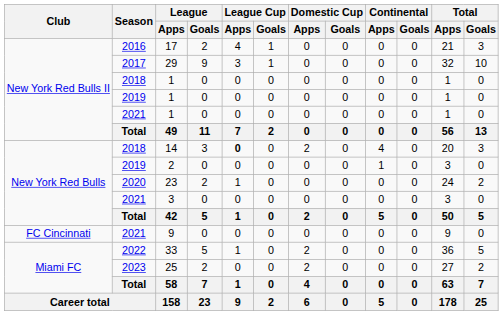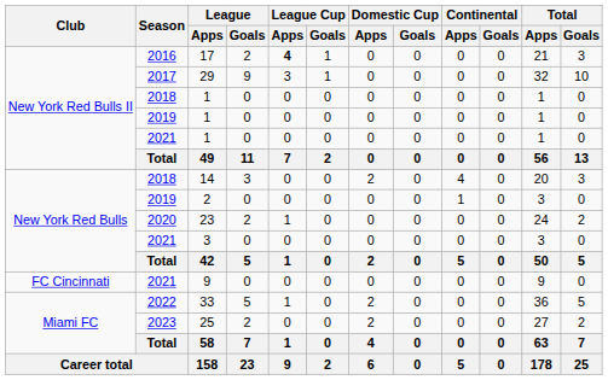 <table class="wikitable" style="text-align: center;">
 <tr>
 <th rowspan="2">Club</th>
 <th rowspan="2">Season</th>
 <th colspan="2">League</th>
 <th colspan="2">League Cup</th>
 <th colspan="2">Domestic Cup</th>
 <th colspan="2">Continental</th>
 <th colspan="2">Total</th>
 </tr>
 <tr>
 <th>Apps</th>
 <th>Goals</th>
 <th>Apps</th>
 <th>Goals</th>
 <th>Apps</th>
 <th>Goals</th>
 <th>Apps</th>
 <th>Goals</th>
 <th>Apps</th>
 <th>Goals</th>
 </tr>
 <tr>
 <td rowspan="6"><a href='#'>New York Red Bulls II</a></td>
 <td><a href='#'>2016</a></td>
 <td>17</td>
 <td>2</td>
-<td>4</td>
+<td><strong>4</strong></td>
 <td>1</td>
 <td>0</td>
 <td>0</td>
 <td>0</td>
 <td>0</td>
 <td>21</td>
 <td>3</td>
 </tr>
 <tr>
 <td><a href='#'>2017</a></td>
 <td>29</td>
 <td>9</td>
 <td>3</td>
 <td>1</td>
 <td>0</td>
 <td>0</td>
 <td>0</td>
 <td>0</td>
 <td>32</td>
 <td>10</td>
 </tr>
 <tr>
 <td><a href='#'>2018</a></td>
 <td>1</td>
 <td>0</td>
 <td>0</td>
 <td>0</td>
 <td>0</td>
 <td>0</td>
 <td>0</td>
 <td>0</td>
 <td>1</td>
 <td>0</td>
 </tr>
 <tr>
 <td><a href='#'>2019</a></td>
 <td>1</td>
 <td>0</td>
 <td>0</td>
 <td>0</td>
 <td>0</td>
 <td>0</td>
 <td>0</td>
 <td>0</td>
 <td>1</td>
 <td>0</td>
 </tr>
 <tr>
 <td><a href='#'>2021</a></td>
 <td>1</td>
 <td>0</td>
 <td>0</td>
 <td>0</td>
 <td>0</td>
 <td>0</td>
 <td>0</td>
 <td>0</td>
 <td>1</td>
 <td>0</td>
 </tr>
 <tr>
 <th>Total</th>
 <th>49</th>
 <th>11</th>
 <th>7</th>
 <th>2</th>
 <th>0</th>
 <th>0</th>
 <th>0</th>
 <th>0</th>
 <th>56</th>
 <th>13</th>
 </tr>
 <tr>
 <td rowspan="5"><a href='#'>New York Red Bulls</a></td>
 <td><a href='#'>2018</a></td>
 <td>14</td>
 <td>3</td>
-<td><strong>0</strong></td>
+<td>0</td>
 <td>0</td>
 <td>2</td>
 <td>0</td>
 <td>4</td>
 <td>0</td>
 <td>20</td>
 <td>3</td>
 </tr>
 <tr>
 <td><a href='#'>2019</a></td>
 <td>2</td>
 <td>0</td>
 <td>0</td>
 <td>0</td>
 <td>0</td>
 <td>0</td>
 <td>1</td>
 <td>0</td>
 <td>3</td>
 <td>0</td>
 </tr>
 <tr>
 <td><a href='#'>2020</a></td>
 <td>23</td>
 <td>2</td>
 <td>1</td>
 <td>0</td>
 <td>0</td>
 <td>0</td>
 <td>0</td>
 <td>0</td>
 <td>24</td>
 <td>2</td>
 </tr>
 <tr>
 <td><a href='#'>2021</a></td>
 <td>3</td>
 <td>0</td>
 <td>0</td>
 <td>0</td>
 <td>0</td>
 <td>0</td>
 <td>0</td>
 <td>0</td>
 <td>3</td>
 <td>0</td>
 </tr>
 <tr>
 <th>Total</th>
 <th>42</th>
 <th>5</th>
 <th>1</th>
 <th>0</th>
 <th>2</th>
 <th>0</th>
 <th>5</th>
 <th>0</th>
 <th>50</th>
 <th>5</th>
 </tr>
 <tr>
 <td rowspan="1"><a href='#'>FC Cincinnati</a></td>
 <td><a href='#'>2021</a></td>
 <td>9</td>
 <td>0</td>
 <td>0</td>
 <td>0</td>
 <td>0</td>
 <td>0</td>
 <td>0</td>
 <td>0</td>
 <td>9</td>
 <td>0</td>
 </tr>
 <tr>
 <td rowspan="3"><a href='#'>Miami FC</a></td>
 <td><a href='#'>2022</a></td>
 <td>33</td>
 <td>5</td>
 <td>1</td>
 <td>0</td>
 <td>2</td>
 <td>0</td>
 <td>0</td>
 <td>0</td>
 <td>36</td>
 <td>5</td>
 </tr>
 <tr>
 <td><a href='#'>2023</a></td>
 <td>25</td>
 <td>2</td>
 <td>0</td>
 <td>0</td>
 <td>2</td>
 <td>0</td>
 <td>0</td>
 <td>0</td>
 <td>27</td>
 <td>2</td>
 </tr>
 <tr>
 <th>Total</th>
 <th>58</th>
 <th>7</th>
 <th>1</th>
 <th>0</th>
 <th>4</th>
 <th>0</th>
 <th>0</th>
 <th>0</th>
 <th>63</th>
 <th>7</th>
 </tr>
 <tr>
 <th colspan="2">Career total</th>
 <th>158</th>
 <th>23</th>
 <th>9</th>
 <th>2</th>
 <th>6</th>
 <th>0</th>
 <th>5</th>
 <th>0</th>
 <th>178</th>
 <th>25</th>
 </tr>
 </table>
